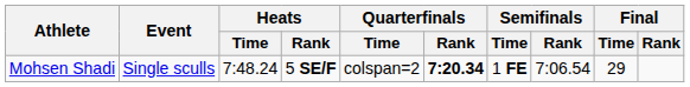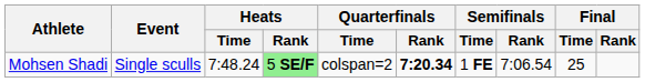 <table class="wikitable" style="font-size:90%">
 <tr>
 <th rowspan="2">Athlete</th>
 <th rowspan="2">Event</th>
 <th colspan="2">Heats</th>
 <th colspan="2">Quarterfinals</th>
 <th colspan="2">Semifinals</th>
 <th colspan="2">Final</th>
 </tr>
 <tr style="font-size:95%">
 <th>Time</th>
 <th>Rank</th>
 <th>Time</th>
 <th>Rank</th>
 <th>Time</th>
 <th>Rank</th>
 <th>Time</th>
 <th>Rank</th>
 </tr>
 <tr align=center>
 <td align=left><a href='#'>Mohsen Shadi</a></td>
 <td align=left><a href='#'>Single sculls</a></td>
 <td>7:48.24</td>
-<td>5 <strong>SE/F</strong></td>
+<td style="background: lightgreen;">5 <strong>SE/F</strong></td>
 <td>colspan=2 </td>
 <td><strong>7:20.34</strong></td>
 <td>1 <strong>FE</strong></td>
 <td>7:06.54</td>
-<td>29</td>
+<td>25</td>
 </tr>
 </table>
